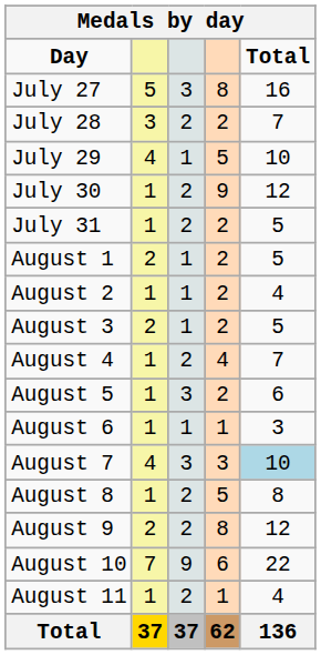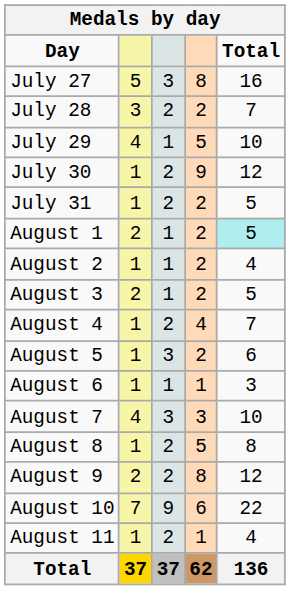 <table class="wikitable" style="font-size:85%; float:right">
 <tr align=center>
 <th colspan=7><strong>Medals by day</strong></th>
 </tr>
 <tr align=center>
 <td><strong>Day</strong></td>
 <td style="background:#f7f6a8;"></td>
 <td style="background:#dce5e5;"></td>
 <td style="background:#ffdab9;"></td>
 <td><strong>Total</strong></td>
 </tr>
 <tr align=center>
 <td align=left>July 27</td>
 <td style="background:#f7f6a8;">5</td>
 <td style="background:#dce5e5;">3</td>
 <td style="background:#ffdab9;">8</td>
 <td>16</td>
 </tr>
 <tr align=center>
 <td align=left>July 28</td>
 <td style="background:#f7f6a8;">3</td>
 <td style="background:#dce5e5;">2</td>
 <td style="background:#ffdab9;">2</td>
 <td>7</td>
 </tr>
 <tr align=center>
 <td align=left>July 29</td>
 <td style="background:#f7f6a8;">4</td>
 <td style="background:#dce5e5;">1</td>
 <td style="background:#ffdab9;">5</td>
 <td>10</td>
 </tr>
 <tr align=center>
 <td align=left>July 30</td>
 <td style="background:#f7f6a8;">1</td>
 <td style="background:#dce5e5;">2</td>
 <td style="background:#ffdab9;">9</td>
 <td>12</td>
 </tr>
 <tr align=center>
 <td align=left>July 31</td>
 <td style="background:#f7f6a8;">1</td>
 <td style="background:#dce5e5;">2</td>
 <td style="background:#ffdab9;">2</td>
 <td>5</td>
 </tr>
 <tr align=center>
 <td align=left>August 1</td>
 <td style="background:#f7f6a8;">2</td>
 <td style="background:#dce5e5;">1</td>
 <td style="background:#ffdab9;">2</td>
-<td>5</td>
+<td style="background: paleturquoise;">5</td>
 </tr>
 <tr align=center>
 <td align=left>August 2</td>
 <td style="background:#f7f6a8;">1</td>
 <td style="background:#dce5e5;">1</td>
 <td style="background:#ffdab9;">2</td>
 <td>4</td>
 </tr>
 <tr align=center>
 <td align=left>August 3</td>
 <td style="background:#f7f6a8;">2</td>
 <td style="background:#dce5e5;">1</td>
 <td style="background:#ffdab9;">2</td>
 <td>5</td>
 </tr>
 <tr align=center>
 <td align=left>August 4</td>
 <td style="background:#f7f6a8;">1</td>
 <td style="background:#dce5e5;">2</td>
 <td style="background:#ffdab9;">4</td>
 <td>7</td>
 </tr>
 <tr align=center>
 <td align=left>August 5</td>
 <td style="background:#f7f6a8;">1</td>
 <td style="background:#dce5e5;">3</td>
 <td style="background:#ffdab9;">2</td>
 <td>6</td>
 </tr>
 <tr align=center>
 <td align=left>August 6</td>
 <td style="background:#f7f6a8;">1</td>
 <td style="background:#dce5e5;">1</td>
 <td style="background:#ffdab9;">1</td>
 <td>3</td>
 </tr>
 <tr align=center>
 <td align=left>August 7</td>
 <td style="background:#f7f6a8;">4</td>
 <td style="background:#dce5e5;">3</td>
 <td style="background:#ffdab9;">3</td>
-<td style="background: lightblue;">10</td>
+<td>10</td>
 </tr>
 <tr align=center>
 <td align=left>August 8</td>
 <td style="background:#f7f6a8;">1</td>
 <td style="background:#dce5e5;">2</td>
 <td style="background:#ffdab9;">5</td>
 <td>8</td>
 </tr>
 <tr align=center>
 <td align=left>August 9</td>
 <td style="background:#f7f6a8;">2</td>
 <td style="background:#dce5e5;">2</td>
 <td style="background:#ffdab9;">8</td>
 <td>12</td>
 </tr>
 <tr align=center>
 <td align=left>August 10</td>
 <td style="background:#f7f6a8;">7</td>
 <td style="background:#dce5e5;">9</td>
 <td style="background:#ffdab9;">6</td>
 <td>22</td>
 </tr>
 <tr align=center>
 <td align=left>August 11</td>
 <td style="background:#f7f6a8;">1</td>
 <td style="background:#dce5e5;">2</td>
 <td style="background:#ffdab9;">1</td>
 <td>4</td>
 </tr>
 <tr align=center>
 <th><strong>Total</strong></th>
 <th style="background:gold;"><strong>37</strong></th>
 <th style="background:silver;"><strong>37</strong></th>
 <th style="background:#c96;"><strong>62</strong></th>
 <th><strong>136</strong></th>
 </tr>
 </table>
